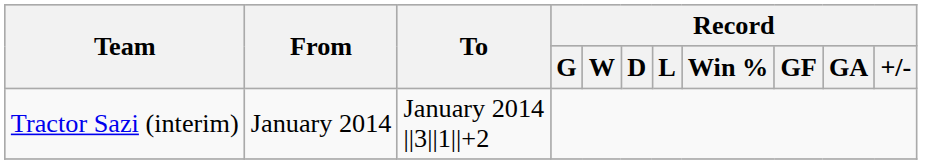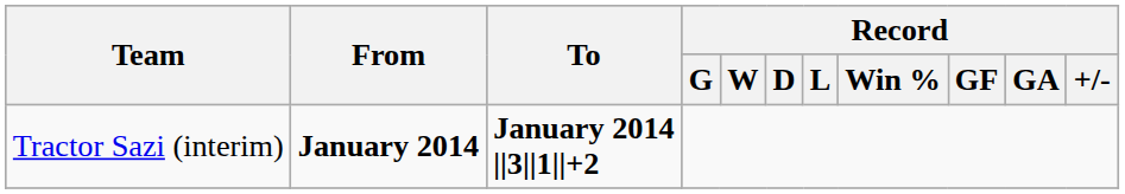 <table class="wikitable" style="text-align: center">
 <tr>
 <th rowspan=2>Team</th>
 <th rowspan=2>From</th>
 <th rowspan=2>To</th>
 <th colspan=8>Record</th>
 </tr>
 <tr>
 <th>G</th>
 <th>W</th>
 <th>D</th>
 <th>L</th>
 <th>Win %</th>
 <th>GF</th>
 <th>GA</th>
 <th>+/-</th>
 </tr>
 <tr>
 <td><a href='#'>Tractor Sazi</a> (interim)</td>
-<td align="left">January 2014</td>
-<td align="left">January 2014<br>||3||1||+2</td>
+<td align="left"><strong>January 2014</strong></td>
+<td align="left"><strong>January 2014<br>||3||1||+2</strong></td>
 </tr>
 </table>
